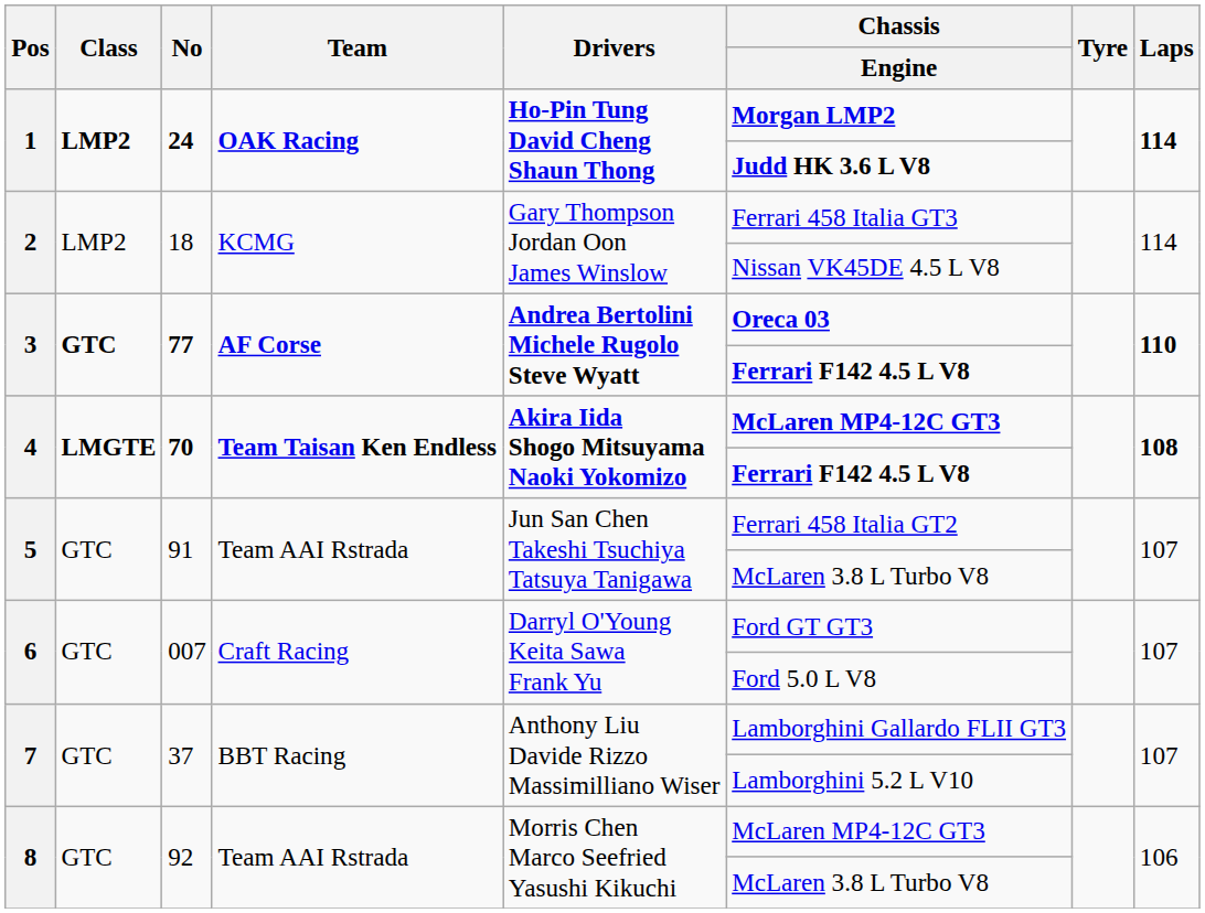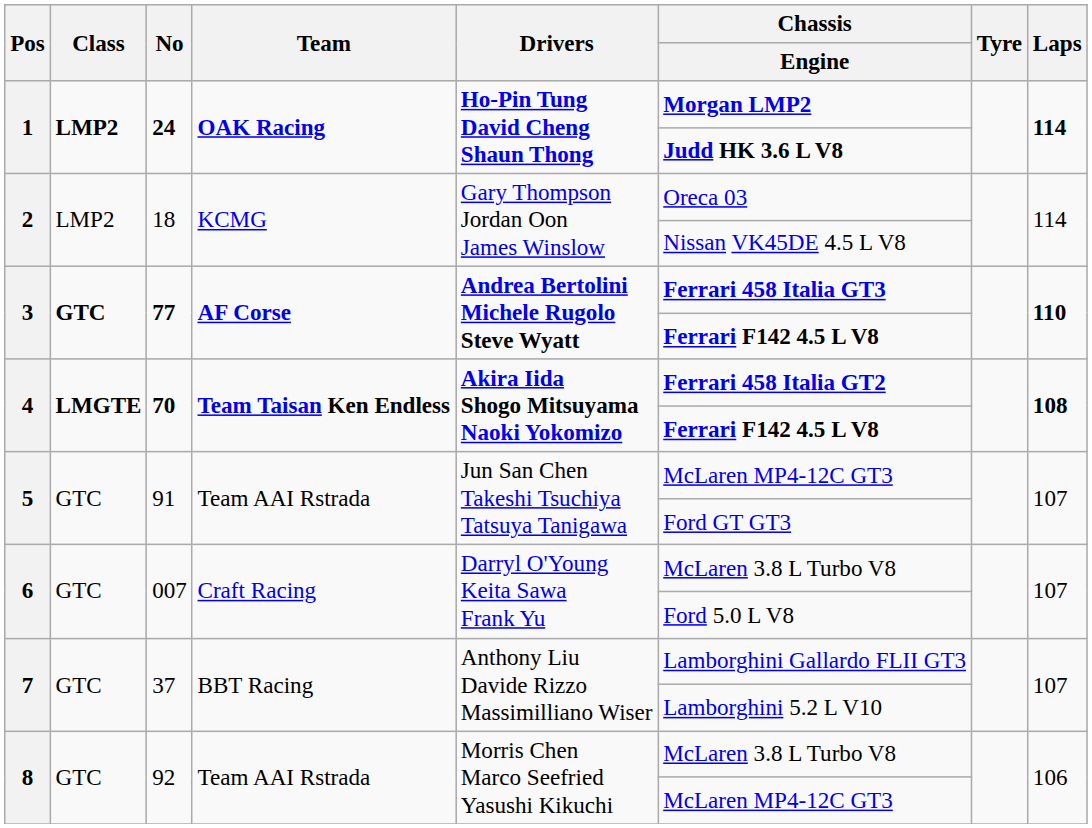 <table class="wikitable" style="font-size: 95%;">
 <tr>
 <th rowspan=2>Pos</th>
 <th rowspan=2>Class</th>
 <th rowspan=2>No</th>
 <th rowspan=2>Team</th>
 <th rowspan=2>Drivers</th>
 <th>Chassis</th>
 <th rowspan=2>Tyre</th>
 <th rowspan=2>Laps</th>
 </tr>
 <tr>
 <th>Engine</th>
 </tr>
 <tr style="font-weight:bold">
 <th rowspan=2>1</th>
 <td rowspan=2>LMP2</td>
 <td rowspan=2>24</td>
 <td rowspan=2> <a href='#'>OAK Racing</a></td>
 <td rowspan=2> <a href='#'>Ho-Pin Tung</a><br> <a href='#'>David Cheng</a><br> <a href='#'>Shaun Thong</a></td>
 <td><a href='#'>Morgan LMP2</a></td>
 <td rowspan=2></td>
 <td rowspan=2>114</td>
 </tr>
 <tr style="font-weight:bold">
 <td><a href='#'>Judd</a> HK 3.6 L V8</td>
 </tr>
 <tr>
 <th rowspan=2>2</th>
 <td rowspan=2>LMP2</td>
 <td rowspan=2>18</td>
 <td rowspan=2> <a href='#'>KCMG</a></td>
 <td rowspan=2> <a href='#'>Gary Thompson</a><br> Jordan Oon<br> <a href='#'>James Winslow</a></td>
-<td><a href='#'>Ferrari 458 Italia GT3</a></td>
+<td><a href='#'>Oreca 03</a></td>
 <td rowspan=2></td>
 <td rowspan=2>114</td>
 </tr>
 <tr>
 <td><a href='#'>Nissan</a> <a href='#'>VK45DE</a> 4.5 L V8</td>
 </tr>
 <tr style="font-weight:bold">
 <th rowspan=2>3</th>
 <td rowspan=2>GTC</td>
 <td rowspan=2>77</td>
 <td rowspan=2> <a href='#'>AF Corse</a></td>
 <td rowspan=2> <a href='#'>Andrea Bertolini</a><br> <a href='#'>Michele Rugolo</a><br> Steve Wyatt</td>
-<td><a href='#'>Oreca 03</a></td>
+<td><a href='#'>Ferrari 458 Italia GT3</a></td>
 <td rowspan=2></td>
 <td rowspan=2>110</td>
 </tr>
 <tr style="font-weight:bold">
 <td><a href='#'>Ferrari</a> F142 4.5 L V8</td>
 </tr>
 <tr style="font-weight:bold">
 <th rowspan=2>4</th>
 <td rowspan=2>LMGTE</td>
 <td rowspan=2>70</td>
 <td rowspan=2> <a href='#'>Team Taisan</a> Ken Endless</td>
 <td rowspan=2> <a href='#'>Akira Iida</a><br> Shogo Mitsuyama<br> <a href='#'>Naoki Yokomizo</a></td>
-<td><a href='#'>McLaren MP4-12C GT3</a></td>
+<td><a href='#'>Ferrari 458 Italia GT2</a></td>
 <td rowspan=2></td>
 <td rowspan=2>108</td>
 </tr>
 <tr style="font-weight:bold">
 <td><a href='#'>Ferrari</a> F142 4.5 L V8</td>
 </tr>
 <tr>
 <th rowspan=2>5</th>
 <td rowspan=2>GTC</td>
 <td rowspan=2>91</td>
 <td rowspan=2> Team AAI Rstrada</td>
 <td rowspan=2> Jun San Chen<br> <a href='#'>Takeshi Tsuchiya</a><br> <a href='#'>Tatsuya Tanigawa</a></td>
-<td><a href='#'>Ferrari 458 Italia GT2</a></td>
+<td><a href='#'>McLaren MP4-12C GT3</a></td>
 <td rowspan=2></td>
 <td rowspan=2>107</td>
 </tr>
 <tr>
-<td><a href='#'>McLaren</a> 3.8 L Turbo V8</td>
+<td><a href='#'>Ford GT GT3</a></td>
 </tr>
 <tr>
 <th rowspan=2>6</th>
 <td rowspan=2>GTC</td>
 <td rowspan=2>007</td>
 <td rowspan=2> <a href='#'>Craft Racing</a></td>
 <td rowspan=2> <a href='#'>Darryl O'Young</a><br> <a href='#'>Keita Sawa</a><br> <a href='#'>Frank Yu</a></td>
-<td><a href='#'>Ford GT GT3</a></td>
+<td><a href='#'>McLaren</a> 3.8 L Turbo V8</td>
 <td rowspan=2></td>
 <td rowspan=2>107</td>
 </tr>
 <tr>
 <td><a href='#'>Ford</a> 5.0 L V8</td>
 </tr>
 <tr>
 <th rowspan=2>7</th>
 <td rowspan=2>GTC</td>
 <td rowspan=2>37</td>
 <td rowspan=2> BBT Racing</td>
 <td rowspan=2> Anthony Liu<br> Davide Rizzo<br> Massimilliano Wiser</td>
 <td><a href='#'>Lamborghini Gallardo FLII GT3</a></td>
 <td rowspan=2></td>
 <td rowspan=2>107</td>
 </tr>
 <tr>
 <td><a href='#'>Lamborghini</a> 5.2 L V10</td>
 </tr>
 <tr>
 <th rowspan=2>8</th>
 <td rowspan=2>GTC</td>
 <td rowspan=2>92</td>
 <td rowspan=2> Team AAI Rstrada</td>
 <td rowspan=2> Morris Chen<br> Marco Seefried<br> Yasushi Kikuchi</td>
-<td><a href='#'>McLaren MP4-12C GT3</a></td>
+<td><a href='#'>McLaren</a> 3.8 L Turbo V8</td>
 <td rowspan=2></td>
 <td rowspan=2>106</td>
 </tr>
 <tr>
-<td><a href='#'>McLaren</a> 3.8 L Turbo V8</td>
+<td><a href='#'>McLaren MP4-12C GT3</a></td>
 </tr>
 </table>
